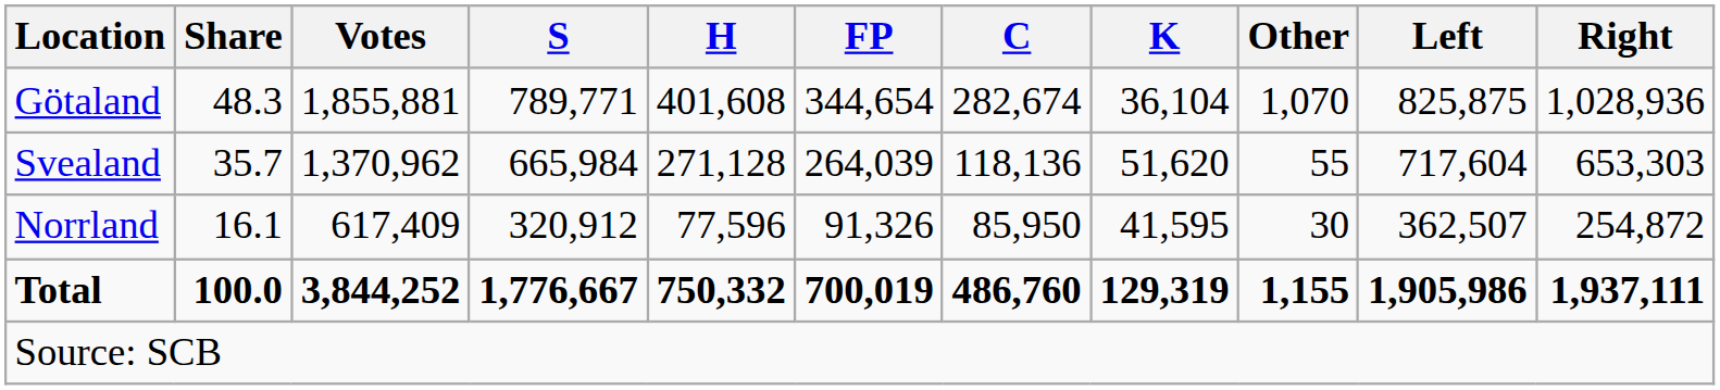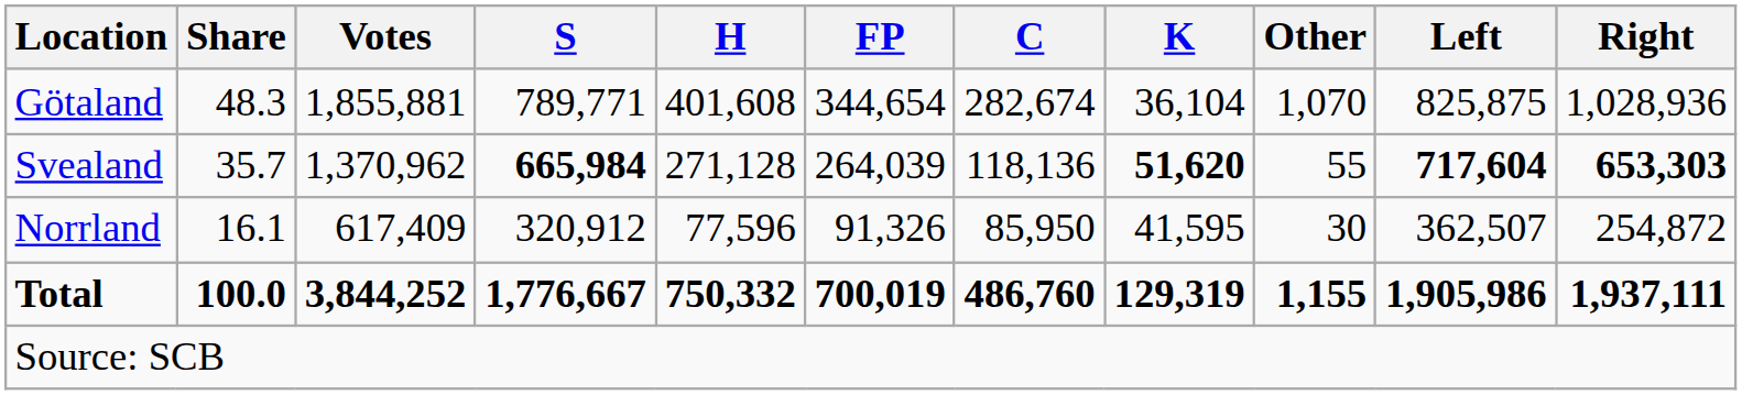 <table class="wikitable sortable" style=text-align:right>
 <tr>
 <th>Location</th>
 <th>Share</th>
 <th>Votes</th>
 <th><a href='#'>S</a></th>
 <th><a href='#'>H</a></th>
 <th><a href='#'>FP</a></th>
 <th><a href='#'>C</a></th>
 <th><a href='#'>K</a></th>
 <th>Other</th>
 <th>Left</th>
 <th>Right</th>
 </tr>
 <tr>
 <td align=left><a href='#'>Götaland</a></td>
 <td>48.3</td>
 <td>1,855,881</td>
 <td>789,771</td>
 <td>401,608</td>
 <td>344,654</td>
 <td>282,674</td>
 <td>36,104</td>
 <td>1,070</td>
 <td>825,875</td>
 <td>1,028,936</td>
 </tr>
 <tr>
 <td align=left><a href='#'>Svealand</a></td>
 <td>35.7</td>
 <td>1,370,962</td>
-<td>665,984</td>
+<td><strong>665,984</strong></td>
 <td>271,128</td>
 <td>264,039</td>
 <td>118,136</td>
-<td>51,620</td>
+<td><strong>51,620</strong></td>
 <td>55</td>
-<td>717,604</td>
-<td>653,303</td>
+<td><strong>717,604</strong></td>
+<td><strong>653,303</strong></td>
 </tr>
 <tr>
 <td align=left><a href='#'>Norrland</a></td>
 <td>16.1</td>
 <td>617,409</td>
 <td>320,912</td>
 <td>77,596</td>
 <td>91,326</td>
 <td>85,950</td>
 <td>41,595</td>
 <td>30</td>
 <td>362,507</td>
 <td>254,872</td>
 </tr>
 <tr>
 <td align=left><strong>Total</strong></td>
 <td><strong>100.0</strong></td>
 <td><strong>3,844,252</strong></td>
 <td><strong>1,776,667</strong></td>
 <td><strong>750,332</strong></td>
 <td><strong>700,019</strong></td>
 <td><strong>486,760</strong></td>
 <td><strong>129,319</strong></td>
 <td><strong>1,155</strong></td>
 <td><strong>1,905,986</strong></td>
 <td><strong>1,937,111</strong></td>
 </tr>
 <tr>
 <td align=left colspan=11>Source: SCB </td>
 </tr>
 </table>
